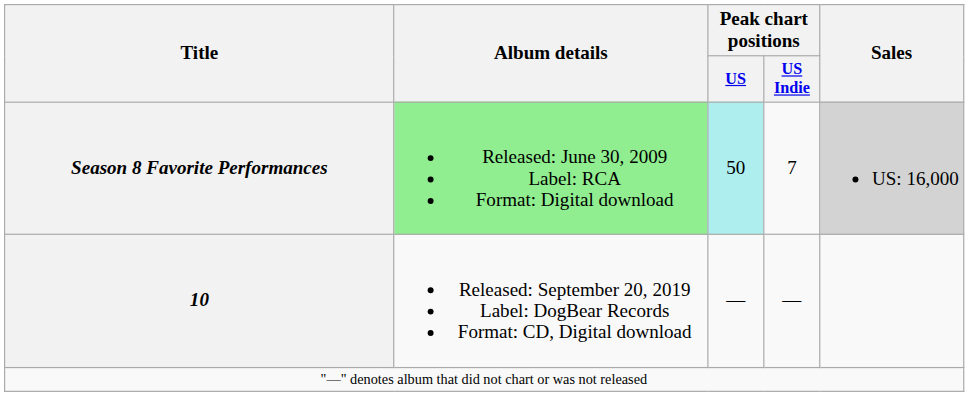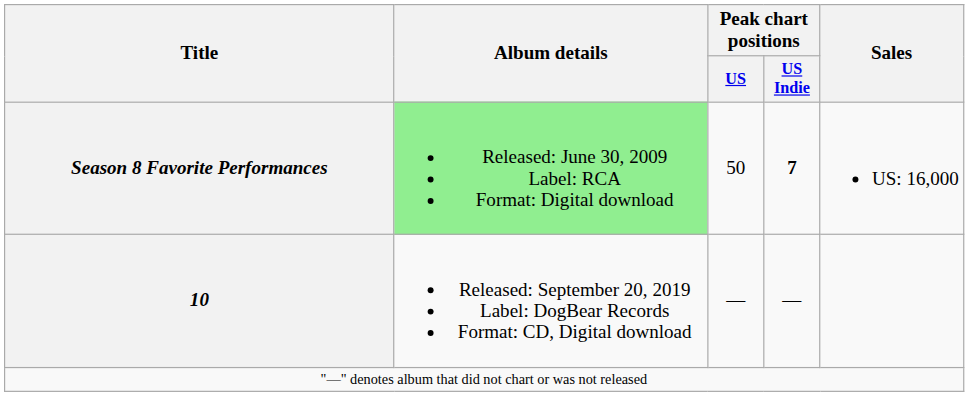 <table class="wikitable plainrowheaders" style="text-align:center;">
 <tr>
 <th scope="col" rowspan="2" style="width:20em;">Title</th>
 <th scope="col" rowspan="2" style="width:16em;">Album details</th>
 <th scope="col" colspan="2">Peak chart positions</th>
 <th scope="col" rowspan="2">Sales</th>
 </tr>
 <tr>
 <th scope="col" style="width:3em;font-size:85%;"><a href='#'>US</a><br></th>
 <th scope="col" style="width:3em;font-size:85%;"><a href='#'>US Indie</a><br></th>
 </tr>
 <tr>
 <th scope="row"><em>Season 8 Favorite Performances</em></th>
 <td style="background: lightgreen;"><br><ul><li>Released: June 30, 2009</li><li>Label: RCA</li><li>Format: Digital download</li></ul></td>
-<td style="background: paleturquoise;">50</td>
-<td>7 </td>
-<td style="background: lightgrey;"><br><ul><li>US: 16,000</li></ul></td>
+<td>50</td>
+<td><strong>7 </strong></td>
+<td><br><ul><li>US: 16,000</li></ul></td>
 </tr>
 <tr>
 <th scope="row"><em>10</em></th>
 <td><br><ul><li>Released: September 20, 2019</li><li>Label: DogBear Records</li><li>Format: CD, Digital download</li></ul></td>
 <td>—</td>
 <td>—</td>
 <td></td>
 </tr>
 <tr>
 <td colspan="6" style="font-size:9pt">"—" denotes album that did not chart or was not released</td>
 </tr>
 </table>
